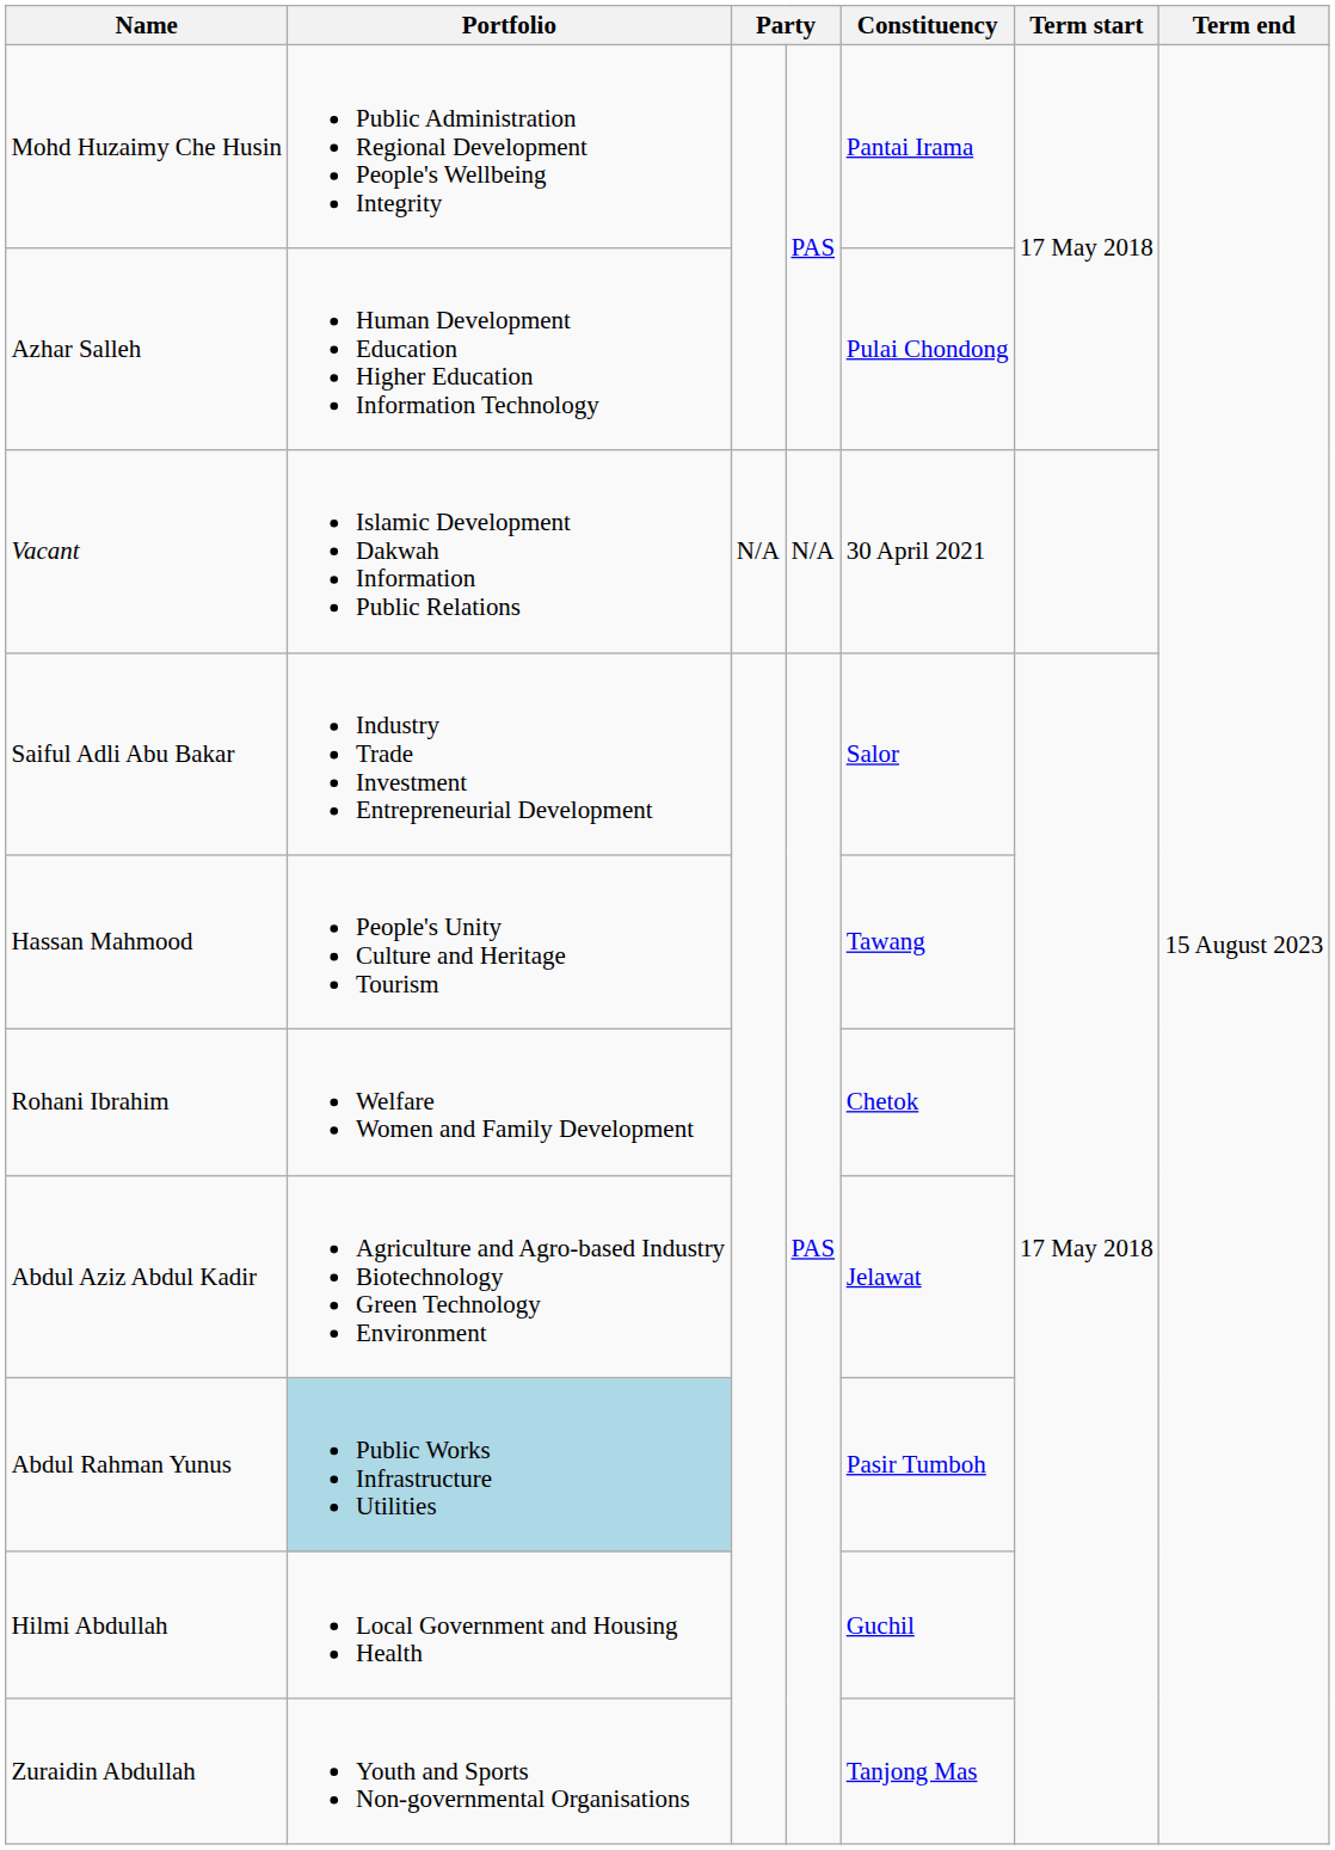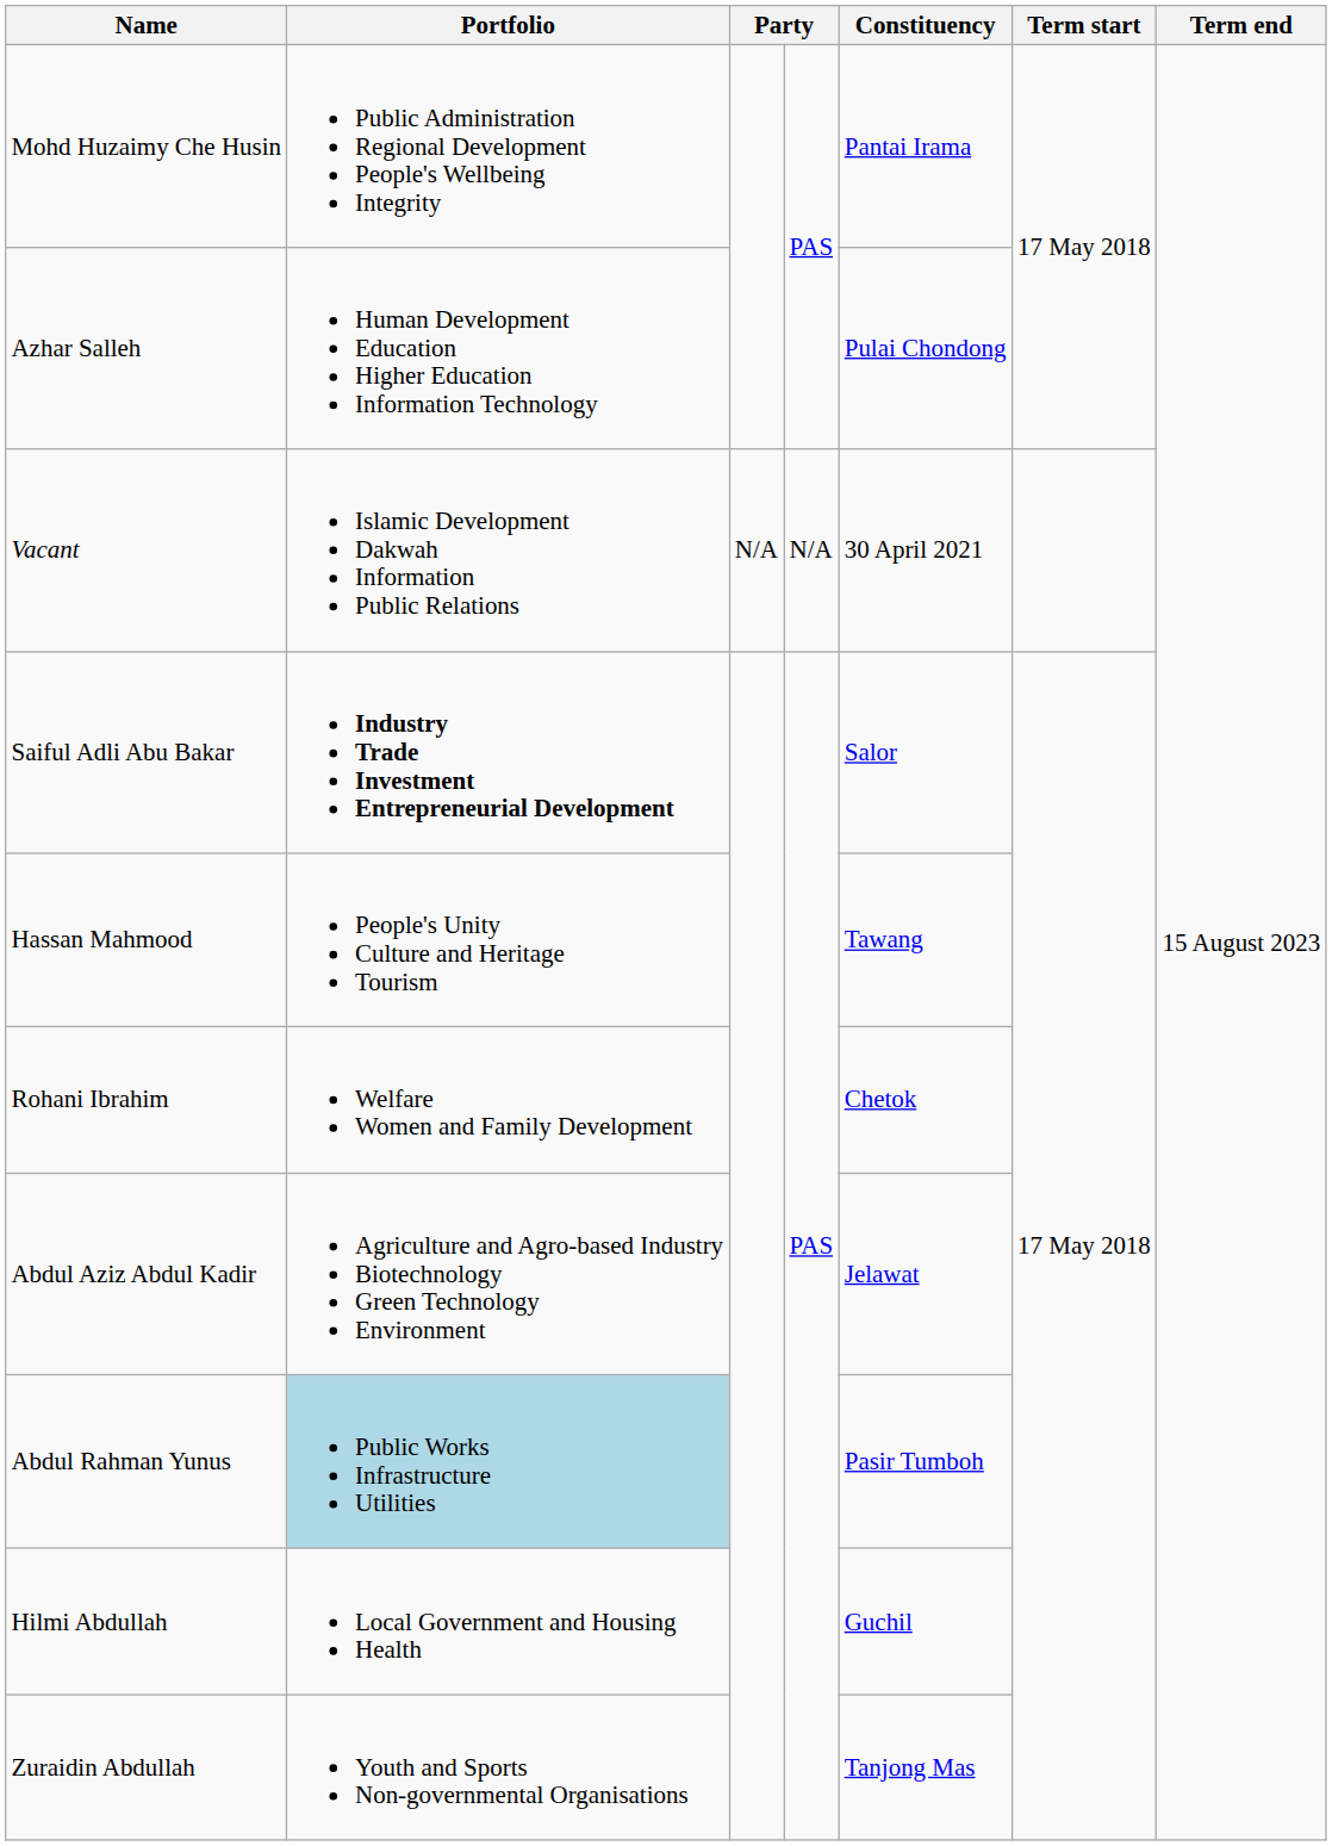 <table class="wikitable">
 <tr>
 <th>Name</th>
 <th>Portfolio</th>
 <th colspan=2>Party</th>
 <th>Constituency</th>
 <th>Term start</th>
 <th>Term end</th>
 </tr>
 <tr>
 <td>Mohd Huzaimy Che Husin</td>
 <td><br><ul><li>Public Administration</li><li>Regional Development</li><li>People's Wellbeing</li><li>Integrity</li></ul></td>
 <td rowspan=2 bgcolor=></td>
 <td rowspan="2"><a href='#'>PAS</a></td>
 <td><a href='#'>Pantai Irama</a></td>
 <td rowspan="2">17 May 2018</td>
 <td rowspan="10">15 August 2023</td>
 </tr>
 <tr>
 <td>Azhar Salleh</td>
 <td><br><ul><li>Human Development</li><li>Education</li><li>Higher Education</li><li>Information Technology</li></ul></td>
 <td><a href='#'>Pulai Chondong</a></td>
 </tr>
 <tr>
 <td><em>Vacant</em></td>
 <td><br><ul><li>Islamic Development</li><li>Dakwah</li><li>Information</li><li>Public Relations</li></ul></td>
 <td>N/A</td>
 <td>N/A</td>
 <td>30 April 2021</td>
 </tr>
 <tr>
 <td>Saiful Adli Abu Bakar</td>
-<td><br><ul><li>Industry</li><li>Trade</li><li>Investment</li><li>Entrepreneurial Development</li></ul></td>
+<td><strong><br><ul><li>Industry</li><li>Trade</li><li>Investment</li><li>Entrepreneurial Development</li></ul></strong></td>
 <td rowspan=7 bgcolor=></td>
 <td rowspan="7"><a href='#'>PAS</a></td>
 <td><a href='#'>Salor</a></td>
 <td rowspan="7">17 May 2018</td>
 </tr>
 <tr>
 <td>Hassan Mahmood</td>
 <td><br><ul><li>People's Unity</li><li>Culture and Heritage</li><li>Tourism</li></ul></td>
 <td><a href='#'>Tawang</a></td>
 </tr>
 <tr>
 <td>Rohani Ibrahim</td>
 <td><br><ul><li>Welfare</li><li>Women and Family Development</li></ul></td>
 <td><a href='#'>Chetok</a></td>
 </tr>
 <tr>
 <td>Abdul Aziz Abdul Kadir</td>
 <td><br><ul><li>Agriculture and Agro-based Industry</li><li>Biotechnology</li><li>Green Technology</li><li>Environment</li></ul></td>
 <td><a href='#'>Jelawat</a></td>
 </tr>
 <tr>
 <td>Abdul Rahman Yunus</td>
 <td style="background: lightblue;"><br><ul><li>Public Works</li><li>Infrastructure</li><li>Utilities</li></ul></td>
 <td><a href='#'>Pasir Tumboh</a></td>
 </tr>
 <tr>
 <td>Hilmi Abdullah</td>
 <td><br><ul><li>Local Government and Housing</li><li>Health</li></ul></td>
 <td><a href='#'>Guchil</a></td>
 </tr>
 <tr>
 <td>Zuraidin Abdullah</td>
 <td><br><ul><li>Youth and Sports</li><li>Non-governmental Organisations</li></ul></td>
 <td><a href='#'>Tanjong Mas</a></td>
 </tr>
 </table>
